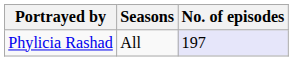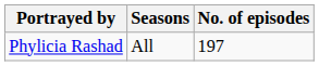 <table class="wikitable" style="text-align:justify;">
 <tr>
 <th>Portrayed by</th>
 <th>Seasons</th>
 <th>No. of episodes</th>
 </tr>
 <tr>
 <td><a href='#'>Phylicia Rashad</a></td>
 <td>All</td>
-<td style="background: lavender;">197</td>
+<td>197</td>
 </tr>
 </table>
